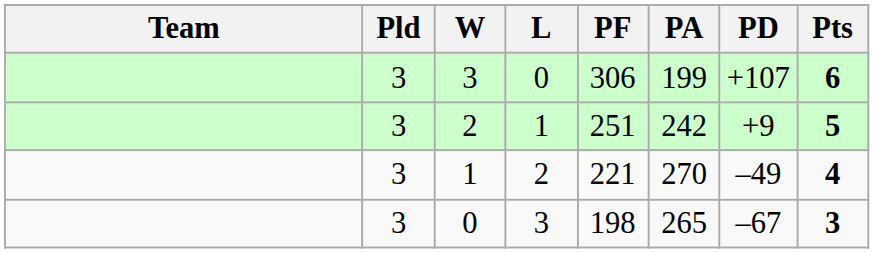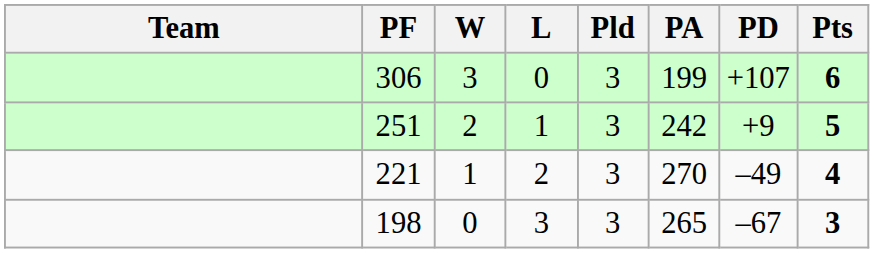 <table class=wikitable style="text-align:center">
 <tr>
 <th width=180>Team</th>
-<th width=30>Pld</th>
+<th width=30>PF</th>
 <th width=30>W</th>
 <th width=30>L</th>
-<th width=30>PF</th>
+<th width=30>Pld</th>
 <th width=30>PA</th>
 <th width=30>PD</th>
 <th width=30>Pts</th>
 </tr>
 <tr bgcolor="#ccffcc">
 <td align="left"></td>
-<td>3</td>
+<td>306</td>
 <td>3</td>
 <td>0</td>
-<td>306</td>
+<td>3</td>
 <td>199</td>
 <td>+107</td>
 <td><strong>6</strong></td>
 </tr>
 <tr bgcolor="#ccffcc">
 <td align="left"></td>
-<td>3</td>
+<td>251</td>
 <td>2</td>
 <td>1</td>
-<td>251</td>
+<td>3</td>
 <td>242</td>
 <td>+9</td>
 <td><strong>5</strong></td>
 </tr>
 <tr>
 <td align="left"></td>
-<td>3</td>
+<td>221</td>
 <td>1</td>
 <td>2</td>
-<td>221</td>
+<td>3</td>
 <td>270</td>
 <td>–49</td>
 <td><strong>4</strong></td>
 </tr>
 <tr>
 <td align="left"></td>
-<td>3</td>
+<td>198</td>
 <td>0</td>
 <td>3</td>
-<td>198</td>
+<td>3</td>
 <td>265</td>
 <td>–67</td>
 <td><strong>3</strong></td>
 </tr>
 </table>
